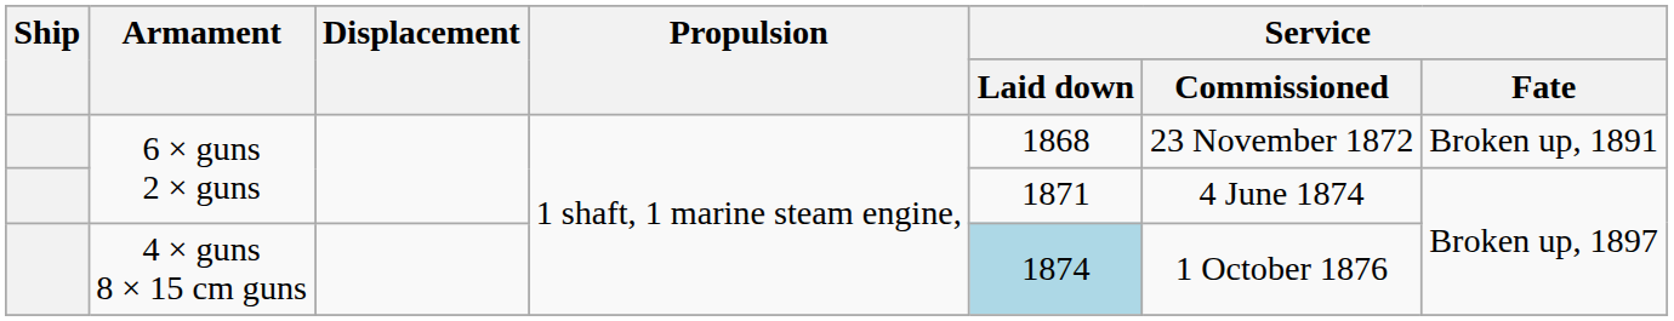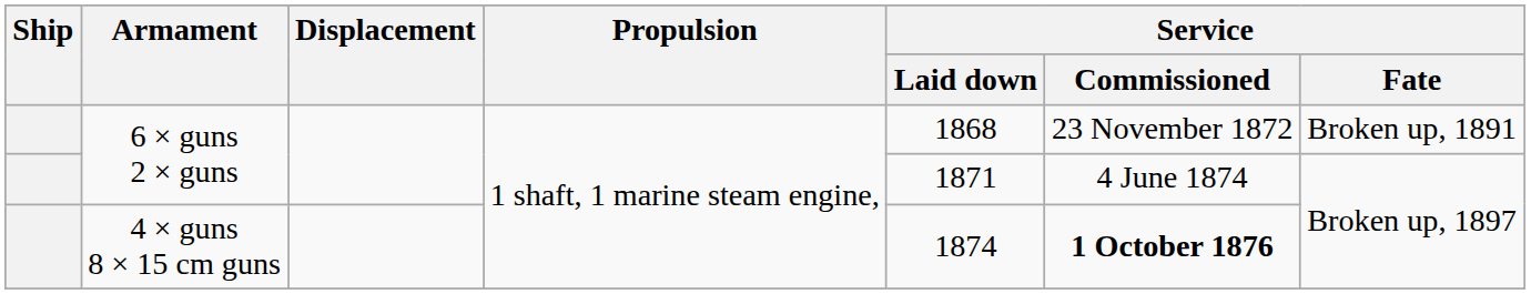 <table class="wikitable plainrowheaders" style="text-align: center;">
 <tr valign="top">
 <th scope="col" rowspan="2">Ship</th>
 <th scope="col" rowspan="2">Armament</th>
 <th scope="col" rowspan="2">Displacement</th>
 <th scope="col" rowspan="2">Propulsion</th>
 <th scope="col" colspan="3">Service</th>
 </tr>
 <tr valign="top">
 <th scope="col">Laid down</th>
 <th scope="col">Commissioned</th>
 <th scope="col">Fate</th>
 </tr>
 <tr valign="center">
 <th scope="row"></th>
 <td rowspan="2">6 ×  guns<br>2 ×  guns</td>
 <td rowspan="2"></td>
 <td rowspan="3">1 shaft, 1 marine steam engine, </td>
 <td>1868</td>
 <td>23 November 1872</td>
 <td>Broken up, 1891</td>
 </tr>
 <tr valign="center">
 <th scope="row"></th>
 <td>1871</td>
 <td>4 June 1874</td>
 <td rowspan="2">Broken up, 1897</td>
 </tr>
 <tr valign="center">
 <th scope="row"></th>
 <td>4 ×  guns<br>8 × 15 cm guns</td>
 <td></td>
-<td style="background: lightblue;">1874</td>
-<td>1 October 1876</td>
+<td>1874</td>
+<td><strong>1 October 1876</strong></td>
 </tr>
 </table>
